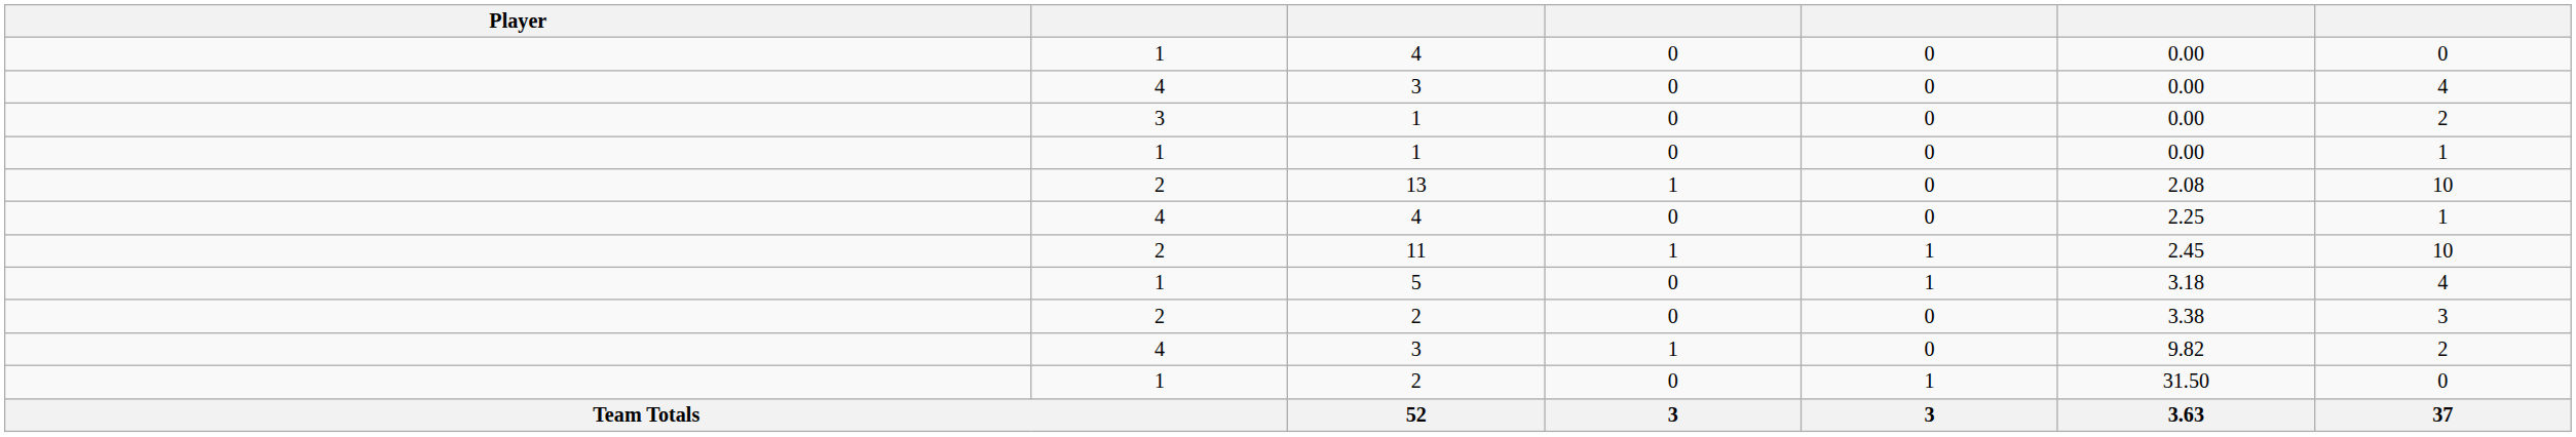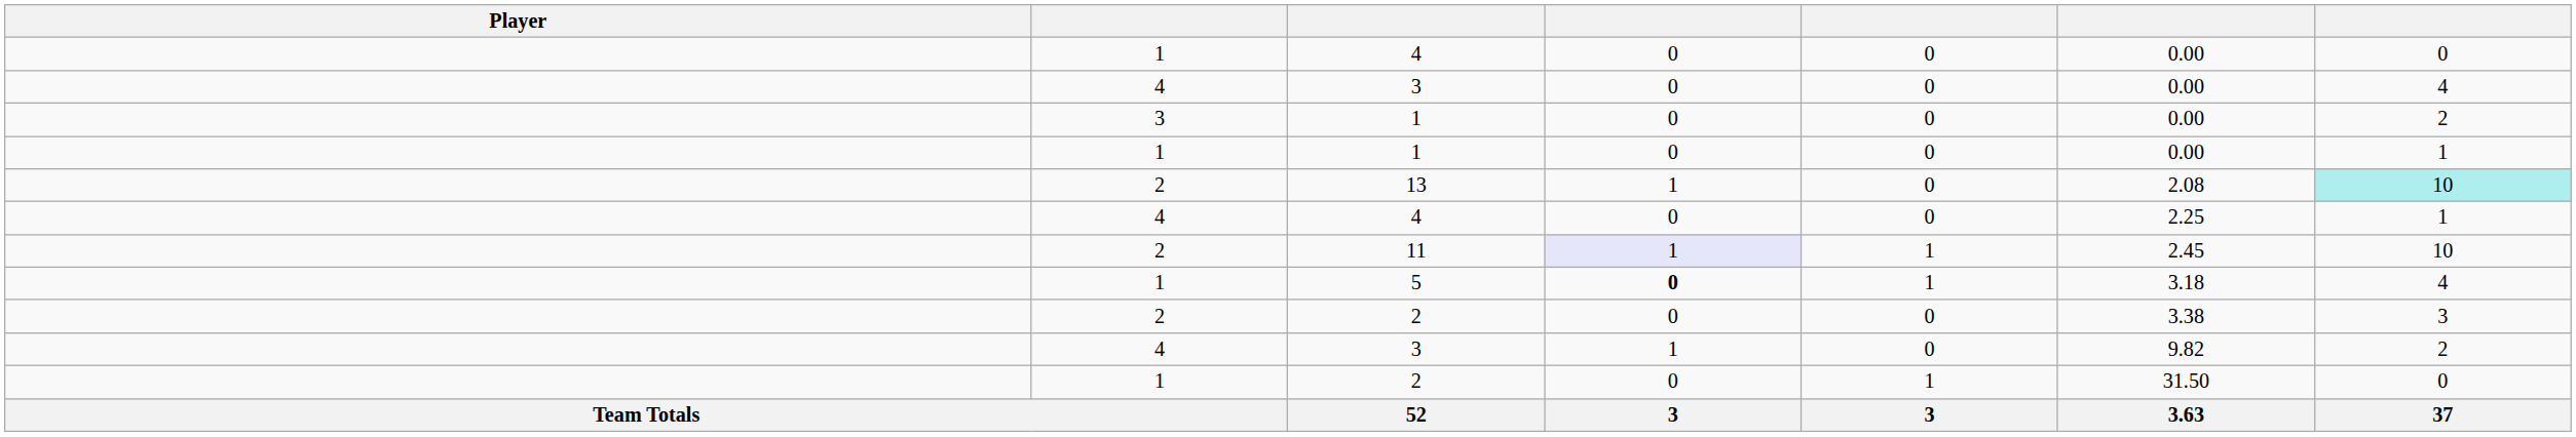 <table class="wikitable sortable" style="text-align:center;" width="100%">
 <tr>
 <th width="40%">Player</th>
 <th width="10%"></th>
 <th width="10%" data-sort-type="number"></th>
 <th width="10%"></th>
 <th width="10%"></th>
 <th width="10%"></th>
 <th width="10%"></th>
 </tr>
 <tr>
 <td></td>
 <td>1</td>
 <td>4</td>
 <td>0</td>
 <td>0</td>
 <td>0.00</td>
 <td>0</td>
 </tr>
 <tr>
 <td></td>
 <td>4</td>
 <td>3</td>
 <td>0</td>
 <td>0</td>
 <td>0.00</td>
 <td>4</td>
 </tr>
 <tr>
 <td></td>
 <td>3</td>
 <td>1</td>
 <td>0</td>
 <td>0</td>
 <td>0.00</td>
 <td>2</td>
 </tr>
 <tr>
 <td></td>
 <td>1</td>
 <td>1</td>
 <td>0</td>
 <td>0</td>
 <td>0.00</td>
 <td>1</td>
 </tr>
 <tr>
 <td></td>
 <td>2</td>
 <td>13</td>
 <td>1</td>
 <td>0</td>
 <td>2.08</td>
-<td>10</td>
+<td style="background: paleturquoise;">10</td>
 </tr>
 <tr>
 <td></td>
 <td>4</td>
 <td>4</td>
 <td>0</td>
 <td>0</td>
 <td>2.25</td>
 <td>1</td>
 </tr>
 <tr>
 <td></td>
 <td>2</td>
 <td>11</td>
-<td>1</td>
+<td style="background: lavender;">1</td>
 <td>1</td>
 <td>2.45</td>
 <td>10</td>
 </tr>
 <tr>
 <td></td>
 <td>1</td>
 <td>5</td>
-<td>0</td>
+<td><strong>0</strong></td>
 <td>1</td>
 <td>3.18</td>
 <td>4</td>
 </tr>
 <tr>
 <td></td>
 <td>2</td>
 <td>2</td>
 <td>0</td>
 <td>0</td>
 <td>3.38</td>
 <td>3</td>
 </tr>
 <tr>
 <td></td>
 <td>4</td>
 <td>3</td>
 <td>1</td>
 <td>0</td>
 <td>9.82</td>
 <td>2</td>
 </tr>
 <tr>
 <td></td>
 <td>1</td>
 <td>2</td>
 <td>0</td>
 <td>1</td>
 <td>31.50</td>
 <td>0</td>
 </tr>
 <tr>
 <th colspan="2">Team Totals</th>
 <th>52</th>
 <th>3</th>
 <th>3</th>
 <th>3.63</th>
 <th>37</th>
 </tr>
 </table>
